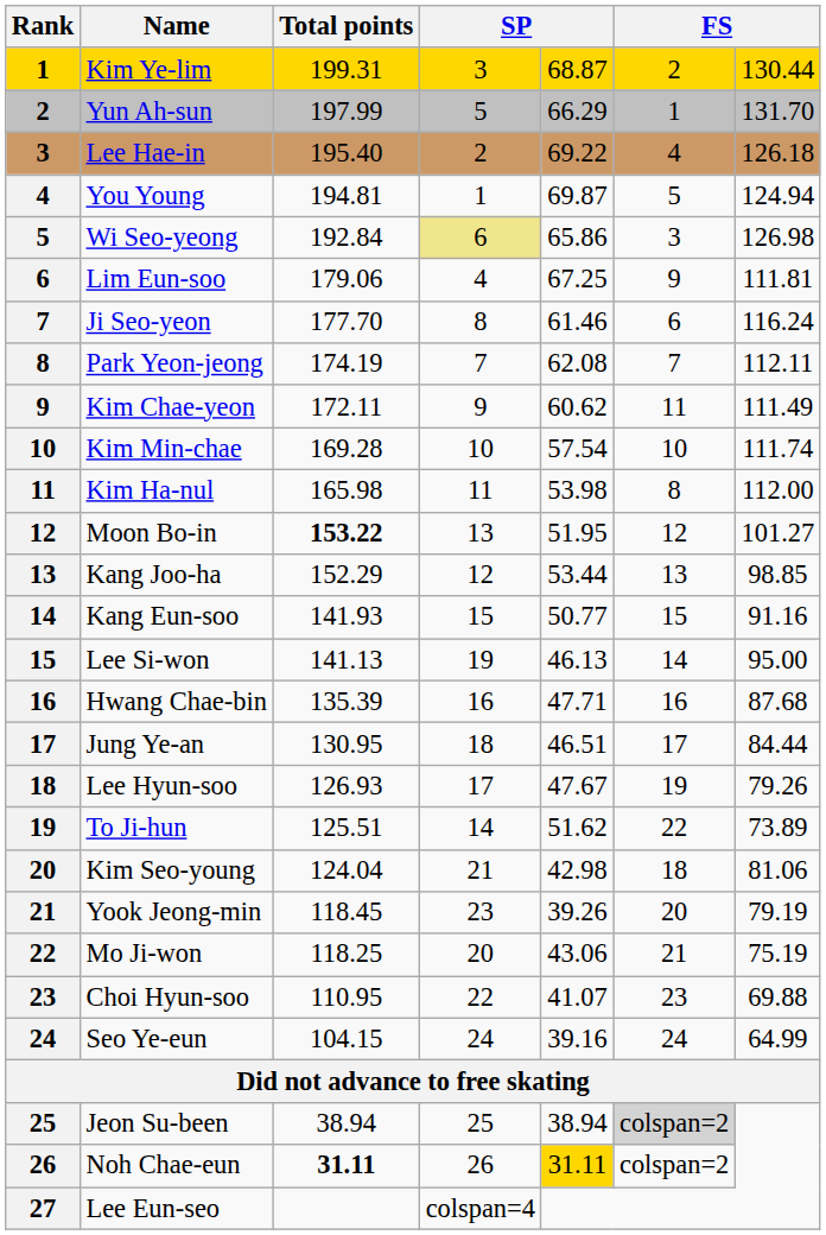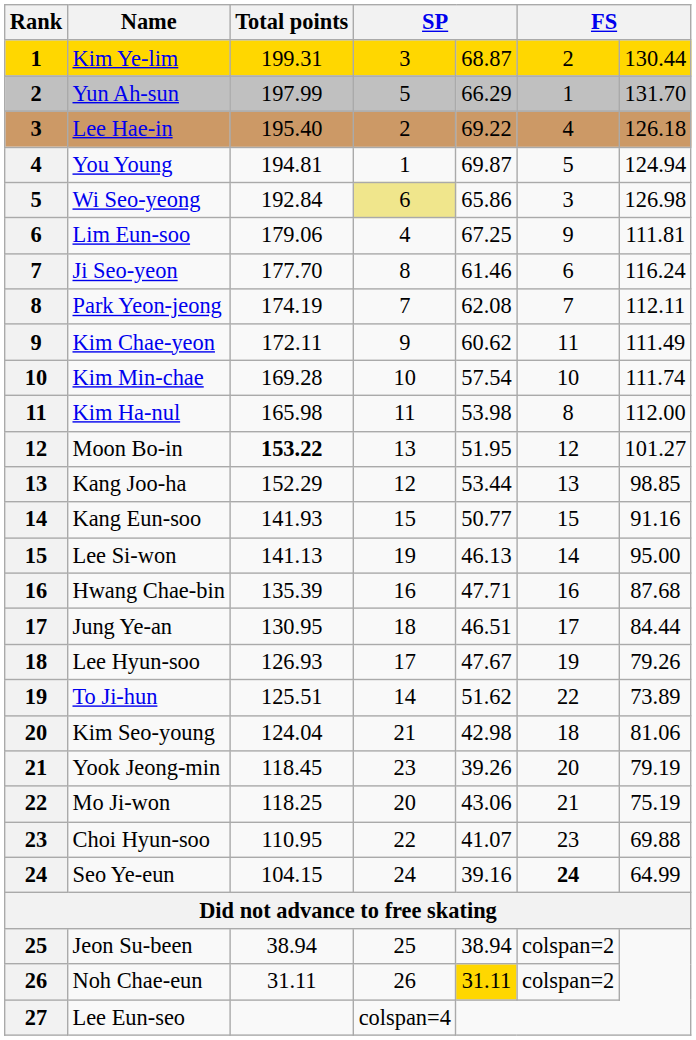 <table class="wikitable sortable">
 <tr>
 <th>Rank</th>
 <th>Name</th>
 <th>Total points</th>
 <th colspan="2" width="80px"><a href='#'>SP</a></th>
 <th colspan="2" width="80px"><a href='#'>FS</a></th>
 </tr>
 <tr bgcolor="gold">
 <td align="center"><strong>1</strong></td>
 <td><a href='#'>Kim Ye-lim</a></td>
 <td align="center">199.31</td>
 <td align="center">3</td>
 <td align="center">68.87</td>
 <td align="center">2</td>
 <td align="center">130.44</td>
 </tr>
 <tr bgcolor="silver">
 <td align="center"><strong>2</strong></td>
 <td><a href='#'>Yun Ah-sun</a></td>
 <td align="center">197.99</td>
 <td align="center">5</td>
 <td align="center">66.29</td>
 <td align="center">1</td>
 <td align="center">131.70</td>
 </tr>
 <tr bgcolor="cc9966">
 <td align="center"><strong>3</strong></td>
 <td><a href='#'>Lee Hae-in</a></td>
 <td align="center">195.40</td>
 <td align="center">2</td>
 <td align="center">69.22</td>
 <td align="center">4</td>
 <td align="center">126.18</td>
 </tr>
 <tr>
 <th>4</th>
 <td><a href='#'>You Young</a></td>
 <td align="center">194.81</td>
 <td align="center">1</td>
 <td align="center">69.87</td>
 <td align="center">5</td>
 <td align="center">124.94</td>
 </tr>
 <tr>
 <th>5</th>
 <td><a href='#'>Wi Seo-yeong</a></td>
 <td align="center">192.84</td>
 <td align="center" style="background: khaki;">6</td>
 <td align="center">65.86</td>
 <td align="center">3</td>
 <td align="center">126.98</td>
 </tr>
 <tr>
 <th>6</th>
 <td><a href='#'>Lim Eun-soo</a></td>
 <td align="center">179.06</td>
 <td align="center">4</td>
 <td align="center">67.25</td>
 <td align="center">9</td>
 <td align="center">111.81</td>
 </tr>
 <tr>
 <th>7</th>
 <td><a href='#'>Ji Seo-yeon</a></td>
 <td align="center">177.70</td>
 <td align="center">8</td>
 <td align="center">61.46</td>
 <td align="center">6</td>
 <td align="center">116.24</td>
 </tr>
 <tr>
 <th>8</th>
 <td><a href='#'>Park Yeon-jeong</a></td>
 <td align="center">174.19</td>
 <td align="center">7</td>
 <td align="center">62.08</td>
 <td align="center">7</td>
 <td align="center">112.11</td>
 </tr>
 <tr>
 <th>9</th>
 <td><a href='#'>Kim Chae-yeon</a></td>
 <td align="center">172.11</td>
 <td align="center">9</td>
 <td align="center">60.62</td>
 <td align="center">11</td>
 <td align="center">111.49</td>
 </tr>
 <tr>
 <th>10</th>
 <td><a href='#'>Kim Min-chae</a></td>
 <td align="center">169.28</td>
 <td align="center">10</td>
 <td align="center">57.54</td>
 <td align="center">10</td>
 <td align="center">111.74</td>
 </tr>
 <tr>
 <th>11</th>
 <td><a href='#'>Kim Ha-nul</a></td>
 <td align="center">165.98</td>
 <td align="center">11</td>
 <td align="center">53.98</td>
 <td align="center">8</td>
 <td align="center">112.00</td>
 </tr>
 <tr>
 <th>12</th>
 <td>Moon Bo-in</td>
 <td align="center"><strong>153.22</strong></td>
 <td align="center">13</td>
 <td align="center">51.95</td>
 <td align="center">12</td>
 <td align="center">101.27</td>
 </tr>
 <tr>
 <th>13</th>
 <td>Kang Joo-ha</td>
 <td align="center">152.29</td>
 <td align="center">12</td>
 <td align="center">53.44</td>
 <td align="center">13</td>
 <td align="center">98.85</td>
 </tr>
 <tr>
 <th>14</th>
 <td>Kang Eun-soo</td>
 <td align="center">141.93</td>
 <td align="center">15</td>
 <td align="center">50.77</td>
 <td align="center">15</td>
 <td align="center">91.16</td>
 </tr>
 <tr>
 <th>15</th>
 <td>Lee Si-won</td>
 <td align="center">141.13</td>
 <td align="center">19</td>
 <td align="center">46.13</td>
 <td align="center">14</td>
 <td align="center">95.00</td>
 </tr>
 <tr>
 <th>16</th>
 <td>Hwang Chae-bin</td>
 <td align="center">135.39</td>
 <td align="center">16</td>
 <td align="center">47.71</td>
 <td align="center">16</td>
 <td align="center">87.68</td>
 </tr>
 <tr>
 <th>17</th>
 <td>Jung Ye-an</td>
 <td align="center">130.95</td>
 <td align="center">18</td>
 <td align="center">46.51</td>
 <td align="center">17</td>
 <td align="center">84.44</td>
 </tr>
 <tr>
 <th>18</th>
 <td>Lee Hyun-soo</td>
 <td align="center">126.93</td>
 <td align="center">17</td>
 <td align="center">47.67</td>
 <td align="center">19</td>
 <td align="center">79.26</td>
 </tr>
 <tr>
 <th>19</th>
 <td><a href='#'>To Ji-hun</a></td>
 <td align="center">125.51</td>
 <td align="center">14</td>
 <td align="center">51.62</td>
 <td align="center">22</td>
 <td align="center">73.89</td>
 </tr>
 <tr>
 <th>20</th>
 <td>Kim Seo-young</td>
 <td align="center">124.04</td>
 <td align="center">21</td>
 <td align="center">42.98</td>
 <td align="center">18</td>
 <td align="center">81.06</td>
 </tr>
 <tr>
 <th>21</th>
 <td>Yook Jeong-min</td>
 <td align="center">118.45</td>
 <td align="center">23</td>
 <td align="center">39.26</td>
 <td align="center">20</td>
 <td align="center">79.19</td>
 </tr>
 <tr>
 <th>22</th>
 <td>Mo Ji-won</td>
 <td align="center">118.25</td>
 <td align="center">20</td>
 <td align="center">43.06</td>
 <td align="center">21</td>
 <td align="center">75.19</td>
 </tr>
 <tr>
 <th>23</th>
 <td>Choi Hyun-soo</td>
 <td align="center">110.95</td>
 <td align="center">22</td>
 <td align="center">41.07</td>
 <td align="center">23</td>
 <td align="center">69.88</td>
 </tr>
 <tr>
 <th>24</th>
 <td>Seo Ye-eun</td>
 <td align="center">104.15</td>
 <td align="center">24</td>
 <td align="center">39.16</td>
-<td align="center">24</td>
+<td align="center"><strong>24</strong></td>
 <td align="center">64.99</td>
 </tr>
 <tr>
 <th colspan=8>Did not advance to free skating</th>
 </tr>
 <tr>
 <th>25</th>
 <td>Jeon Su-been</td>
 <td align="center">38.94</td>
 <td align="center">25</td>
 <td align="center">38.94</td>
-<td style="background: lightgrey;">colspan=2 </td>
+<td>colspan=2 </td>
 </tr>
 <tr>
 <th>26</th>
 <td>Noh Chae-eun</td>
-<td align="center"><strong>31.11</strong></td>
+<td align="center">31.11</td>
 <td align="center">26</td>
 <td align="center" style="background: gold;">31.11</td>
 <td>colspan=2 </td>
 </tr>
 <tr>
 <th>27</th>
 <td>Lee Eun-seo</td>
 <td></td>
 <td>colspan=4 </td>
 </tr>
 </table>
